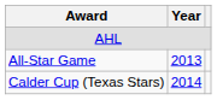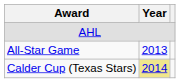 <table class="wikitable">
 <tr>
 <th>Award</th>
 <th>Year</th>
 <th></th>
 </tr>
 <tr ALIGN="center" bgcolor="#e0e0e0">
 <td colspan="3"><a href='#'>AHL</a></td>
 </tr>
 <tr>
 <td><a href='#'>All-Star Game</a></td>
 <td><a href='#'>2013</a></td>
 <td></td>
 </tr>
 <tr>
 <td><a href='#'>Calder Cup</a> (Texas Stars)</td>
-<td><a href='#'>2014</a></td>
+<td style="background: khaki;"><a href='#'>2014</a></td>
 <td></td>
 </tr>
 </table>
